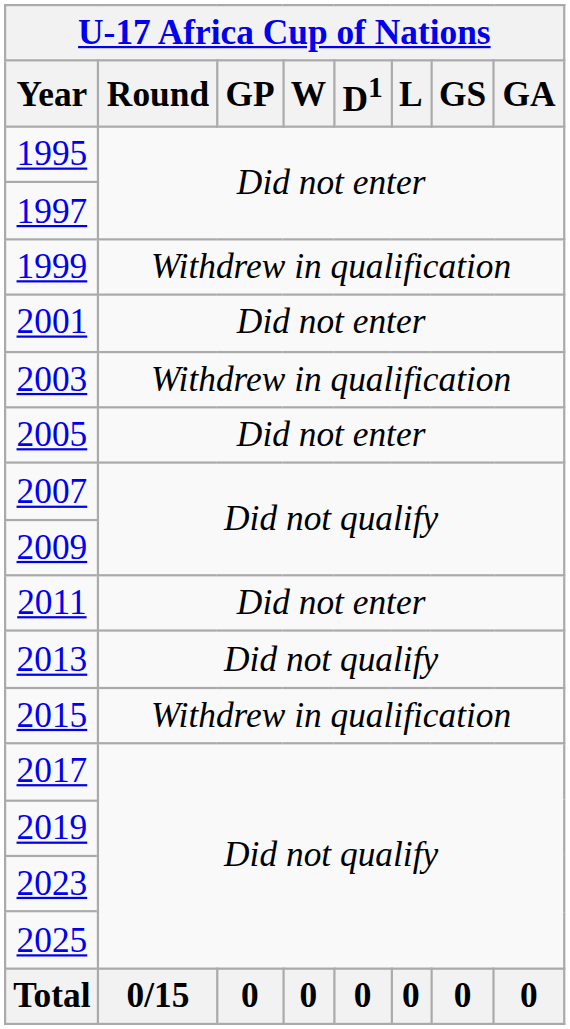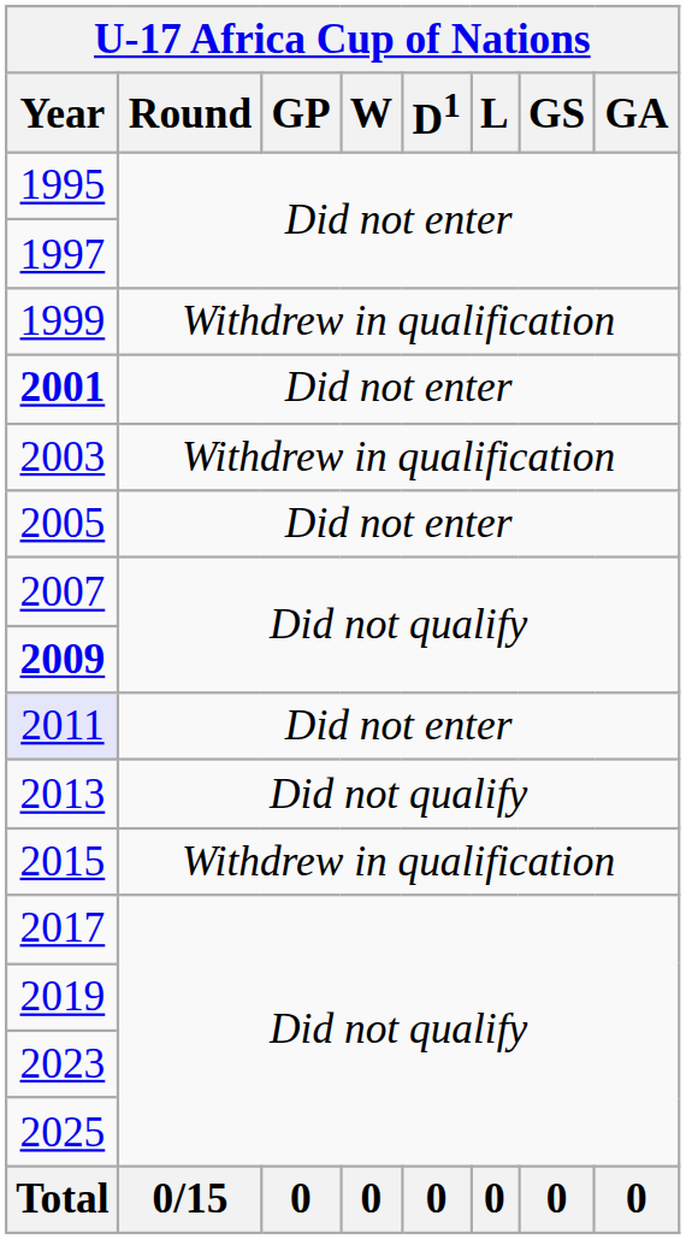 <table class="wikitable" style="text-align: center;">
 <tr>
 <th colspan=8><a href='#'>U-17 Africa Cup of Nations</a></th>
 </tr>
 <tr>
 <th>Year</th>
 <th>Round</th>
 <th>GP</th>
 <th>W</th>
 <th>D<sup>1</sup></th>
 <th>L</th>
 <th>GS</th>
 <th>GA</th>
 </tr>
 <tr>
 <td> <a href='#'>1995</a></td>
 <td colspan=8 rowspan=2><em>Did not enter</em></td>
 </tr>
 <tr>
 <td> <a href='#'>1997</a></td>
 </tr>
 <tr>
 <td> <a href='#'>1999</a></td>
 <td colspan=8 rowspan=1><em>Withdrew in qualification</em></td>
 </tr>
 <tr>
-<td> <a href='#'>2001</a></td>
+<td><strong> <a href='#'>2001</a></strong></td>
 <td colspan=8 rowspan=1><em>Did not enter</em></td>
 </tr>
 <tr>
 <td> <a href='#'>2003</a></td>
 <td colspan=8 rowspan=1><em>Withdrew in qualification</em></td>
 </tr>
 <tr>
 <td> <a href='#'>2005</a></td>
 <td colspan=8 rowspan=1><em>Did not enter</em></td>
 </tr>
 <tr>
 <td> <a href='#'>2007</a></td>
 <td colspan=8 rowspan=2><em>Did not qualify</em></td>
 </tr>
 <tr>
-<td> <a href='#'>2009</a></td>
+<td><strong> <a href='#'>2009</a></strong></td>
 </tr>
 <tr>
-<td> <a href='#'>2011</a></td>
+<td style="background: lavender;"> <a href='#'>2011</a></td>
 <td colspan=8 rowspan=1><em>Did not enter</em></td>
 </tr>
 <tr>
 <td> <a href='#'>2013</a></td>
 <td colspan=8 rowspan=1><em>Did not qualify</em></td>
 </tr>
 <tr>
 <td> <a href='#'>2015</a></td>
 <td colspan=8 rowspan=1><em>Withdrew in qualification</em></td>
 </tr>
 <tr>
 <td> <a href='#'>2017</a></td>
 <td colspan=8 rowspan=4><em>Did not qualify</em></td>
 </tr>
 <tr>
 <td> <a href='#'>2019</a></td>
 </tr>
 <tr>
 <td> <a href='#'>2023</a></td>
 </tr>
 <tr>
 <td> <a href='#'>2025</a></td>
 </tr>
 <tr>
 <th>Total</th>
 <th>0/15</th>
 <th>0</th>
 <th>0</th>
 <th>0</th>
 <th>0</th>
 <th>0</th>
 <th>0</th>
 </tr>
 </table>
